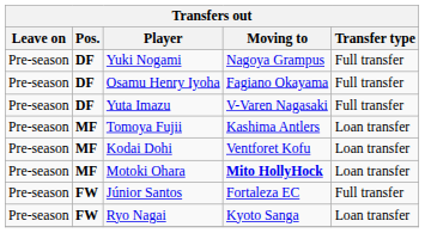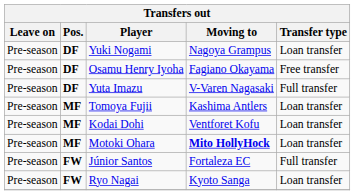 <table class="wikitable sortable" style=“text-align:left;>
 <tr>
 <th colspan="5">Transfers out</th>
 </tr>
 <tr>
 <th>Leave on</th>
 <th>Pos.</th>
 <th>Player</th>
 <th>Moving to</th>
 <th>Transfer type</th>
 </tr>
 <tr>
 <td>Pre-season</td>
 <td><strong>DF</strong></td>
 <td> <a href='#'>Yuki Nogami</a></td>
 <td> <a href='#'>Nagoya Grampus</a></td>
-<td>Full transfer</td>
+<td>Loan transfer</td>
 </tr>
 <tr>
 <td>Pre-season</td>
 <td><strong>DF</strong></td>
 <td> <a href='#'>Osamu Henry Iyoha</a></td>
 <td> <a href='#'>Fagiano Okayama</a></td>
-<td>Full transfer</td>
+<td>Free transfer</td>
 </tr>
 <tr>
 <td>Pre-season</td>
 <td><strong>DF</strong></td>
 <td> <a href='#'>Yuta Imazu</a></td>
 <td> <a href='#'>V-Varen Nagasaki</a></td>
 <td>Full transfer</td>
 </tr>
 <tr>
 <td>Pre-season</td>
 <td><strong>MF</strong></td>
 <td> <a href='#'>Tomoya Fujii</a></td>
 <td> <a href='#'>Kashima Antlers</a></td>
 <td>Loan transfer</td>
 </tr>
 <tr>
 <td>Pre-season</td>
 <td><strong>MF</strong></td>
 <td> <a href='#'>Kodai Dohi</a></td>
 <td> <a href='#'>Ventforet Kofu</a></td>
 <td>Loan transfer</td>
 </tr>
 <tr>
 <td>Pre-season</td>
 <td><strong>MF</strong></td>
 <td> <a href='#'>Motoki Ohara</a></td>
 <td><strong> <a href='#'>Mito HollyHock</a></strong></td>
 <td>Loan transfer</td>
 </tr>
 <tr>
 <td>Pre-season</td>
 <td><strong>FW</strong></td>
 <td> <a href='#'>Júnior Santos</a></td>
 <td> <a href='#'>Fortaleza EC</a></td>
 <td>Full transfer</td>
 </tr>
 <tr>
 <td>Pre-season</td>
 <td><strong>FW</strong></td>
 <td> <a href='#'>Ryo Nagai</a></td>
 <td> <a href='#'>Kyoto Sanga</a></td>
 <td>Loan transfer</td>
 </tr>
 <tr>
 </tr>
 </table>
